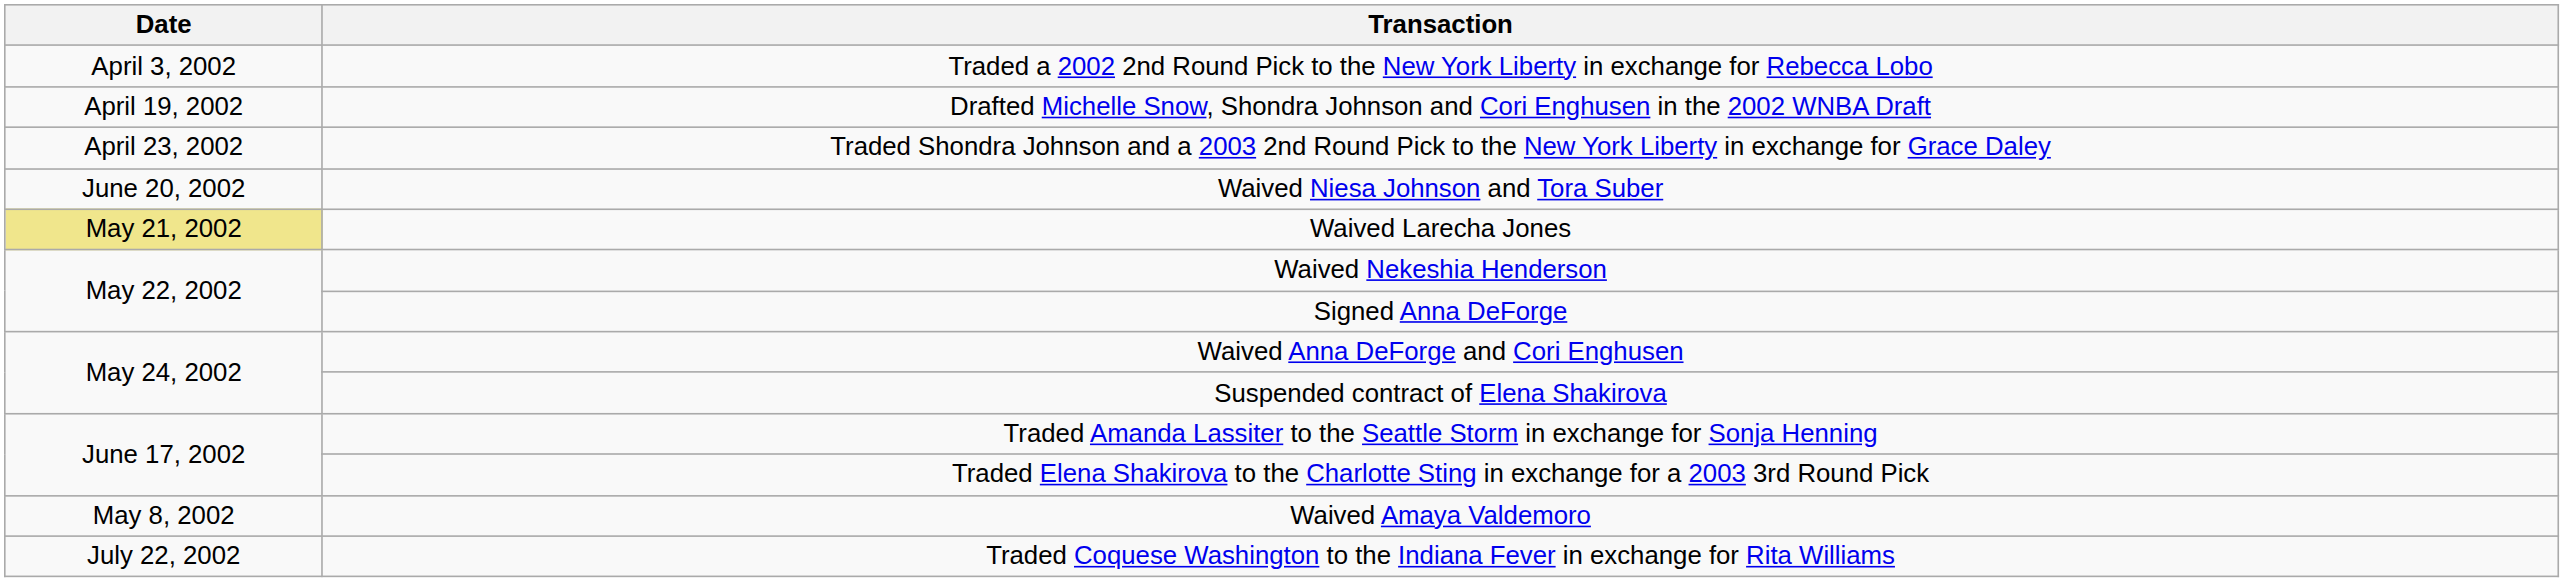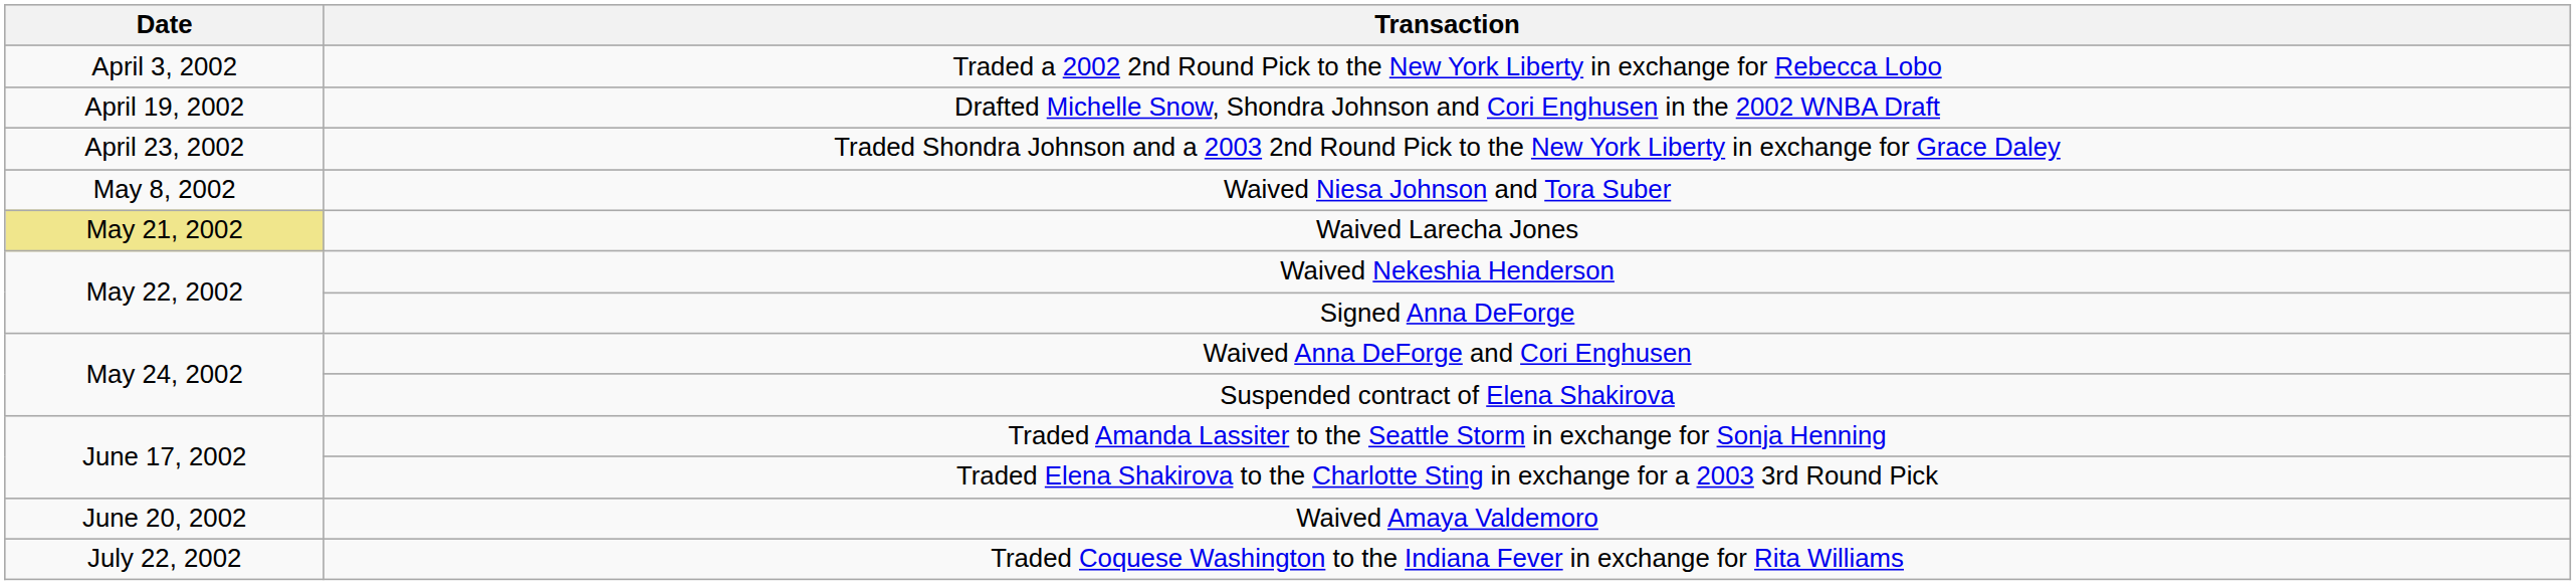 <table class="wikitable" style="width:80%; text-align: center;">
 <tr>
 <th>Date</th>
 <th>Transaction</th>
 </tr>
 <tr>
 <td>April 3, 2002</td>
 <td>Traded a <a href='#'>2002</a> 2nd Round Pick to the <a href='#'>New York Liberty</a> in exchange for <a href='#'>Rebecca Lobo</a></td>
 </tr>
 <tr>
 <td>April 19, 2002</td>
 <td>Drafted <a href='#'>Michelle Snow</a>, Shondra Johnson and <a href='#'>Cori Enghusen</a> in the <a href='#'>2002 WNBA Draft</a></td>
 </tr>
 <tr>
 <td>April 23, 2002</td>
 <td>Traded Shondra Johnson and a <a href='#'>2003</a> 2nd Round Pick to the <a href='#'>New York Liberty</a> in exchange for <a href='#'>Grace Daley</a></td>
 </tr>
 <tr>
-<td>June 20, 2002</td>
+<td>May 8, 2002</td>
 <td>Waived <a href='#'>Niesa Johnson</a> and <a href='#'>Tora Suber</a></td>
 </tr>
 <tr>
 <td style="background: khaki;">May 21, 2002</td>
 <td>Waived Larecha Jones</td>
 </tr>
 <tr>
 <td rowspan="2">May 22, 2002</td>
 <td>Waived <a href='#'>Nekeshia Henderson</a></td>
 </tr>
 <tr>
 <td>Signed <a href='#'>Anna DeForge</a></td>
 </tr>
 <tr>
 <td rowspan="2">May 24, 2002</td>
 <td>Waived <a href='#'>Anna DeForge</a> and <a href='#'>Cori Enghusen</a></td>
 </tr>
 <tr>
 <td>Suspended contract of <a href='#'>Elena Shakirova</a></td>
 </tr>
 <tr>
 <td rowspan="2">June 17, 2002</td>
 <td>Traded <a href='#'>Amanda Lassiter</a> to the <a href='#'>Seattle Storm</a> in exchange for <a href='#'>Sonja Henning</a></td>
 </tr>
 <tr>
 <td>Traded <a href='#'>Elena Shakirova</a> to the <a href='#'>Charlotte Sting</a> in exchange for a <a href='#'>2003</a> 3rd Round Pick</td>
 </tr>
 <tr>
-<td>May 8, 2002</td>
+<td>June 20, 2002</td>
 <td>Waived <a href='#'>Amaya Valdemoro</a></td>
 </tr>
 <tr>
 <td>July 22, 2002</td>
 <td>Traded <a href='#'>Coquese Washington</a> to the <a href='#'>Indiana Fever</a> in exchange for <a href='#'>Rita Williams</a></td>
 </tr>
 </table>
